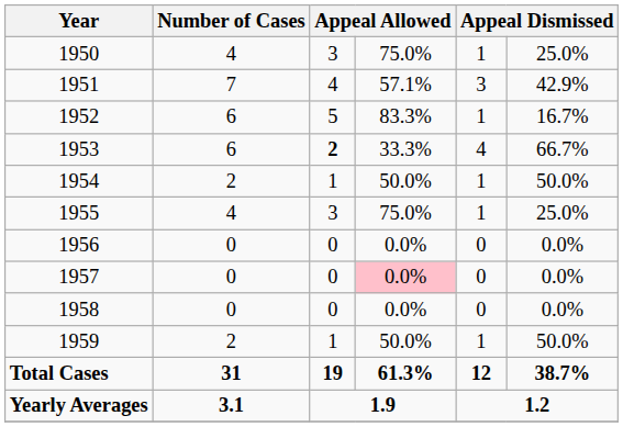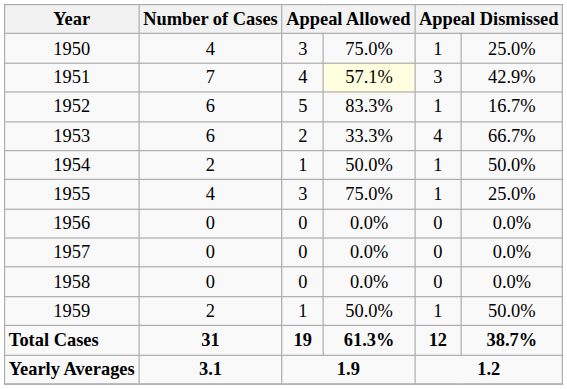 <table class="wikitable sortable">
 <tr>
 <th>Year</th>
 <th>Number of Cases</th>
 <th colspan=2>Appeal Allowed</th>
 <th colspan=2>Appeal Dismissed</th>
 </tr>
 <tr>
 <td style="text-align: center;">1950</td>
 <td style="text-align: center;">4</td>
 <td style="text-align: center;">3</td>
 <td style="text-align: center;">75.0%</td>
 <td style="text-align: center;">1</td>
 <td style="text-align: center;">25.0%</td>
 </tr>
 <tr>
 <td style="text-align: center;">1951</td>
 <td style="text-align: center;">7</td>
 <td style="text-align: center;">4</td>
-<td style="text-align: center;">57.1%</td>
+<td style="background: lightyellow; text-align: center;">57.1%</td>
 <td style="text-align: center;">3</td>
 <td style="text-align: center;">42.9%</td>
 </tr>
 <tr>
 <td style="text-align: center;">1952</td>
 <td style="text-align: center;">6</td>
 <td style="text-align: center;">5</td>
 <td style="text-align: center;">83.3%</td>
 <td style="text-align: center;">1</td>
 <td style="text-align: center;">16.7%</td>
 </tr>
 <tr>
 <td style="text-align: center;">1953</td>
 <td style="text-align: center;">6</td>
-<td style="text-align: center;"><strong>2</strong></td>
+<td style="text-align: center;">2</td>
 <td style="text-align: center;">33.3%</td>
 <td style="text-align: center;">4</td>
 <td style="text-align: center;">66.7%</td>
 </tr>
 <tr>
 <td style="text-align: center;">1954</td>
 <td style="text-align: center;">2</td>
 <td style="text-align: center;">1</td>
 <td style="text-align: center;">50.0%</td>
 <td style="text-align: center;">1</td>
 <td style="text-align: center;">50.0%</td>
 </tr>
 <tr>
 <td style="text-align: center;">1955</td>
 <td style="text-align: center;">4</td>
 <td style="text-align: center;">3</td>
 <td style="text-align: center;">75.0%</td>
 <td style="text-align: center;">1</td>
 <td style="text-align: center;">25.0%</td>
 </tr>
 <tr>
 <td style="text-align: center;">1956</td>
 <td style="text-align: center;">0</td>
 <td style="text-align: center;">0</td>
 <td style="text-align: center;">0.0%</td>
 <td style="text-align: center;">0</td>
 <td style="text-align: center;">0.0%</td>
 </tr>
 <tr>
 <td style="text-align: center;">1957</td>
 <td style="text-align: center;">0</td>
 <td style="text-align: center;">0</td>
-<td style="background: pink; text-align: center;">0.0%</td>
+<td style="text-align: center;">0.0%</td>
 <td style="text-align: center;">0</td>
 <td style="text-align: center;">0.0%</td>
 </tr>
 <tr>
 <td style="text-align: center;">1958</td>
 <td style="text-align: center;">0</td>
 <td style="text-align: center;">0</td>
 <td style="text-align: center;">0.0%</td>
 <td style="text-align: center;">0</td>
 <td style="text-align: center;">0.0%</td>
 </tr>
 <tr>
 <td style="text-align: center;">1959</td>
 <td style="text-align: center;">2</td>
 <td style="text-align: center;">1</td>
 <td style="text-align: center;">50.0%</td>
 <td style="text-align: center;">1</td>
 <td style="text-align: center;">50.0%</td>
 </tr>
 <tr>
 <td><strong>Total Cases</strong></td>
 <td style="text-align: center;"><strong>31</strong></td>
 <td style="text-align: center;"><strong>19</strong></td>
 <td style="text-align: center;"><strong>61.3%</strong></td>
 <td style="text-align: center;"><strong>12</strong></td>
 <td style="text-align: center;"><strong>38.7%</strong></td>
 </tr>
 <tr>
 <td><strong>Yearly Averages</strong></td>
 <td style="text-align: center;"><strong>3.1</strong></td>
 <td colspan="2" style="text-align:center;"><strong>1.9</strong></td>
 <td colspan="2" style="text-align:center;"><strong>1.2</strong></td>
 </tr>
 <tr>
 </tr>
 </table>
